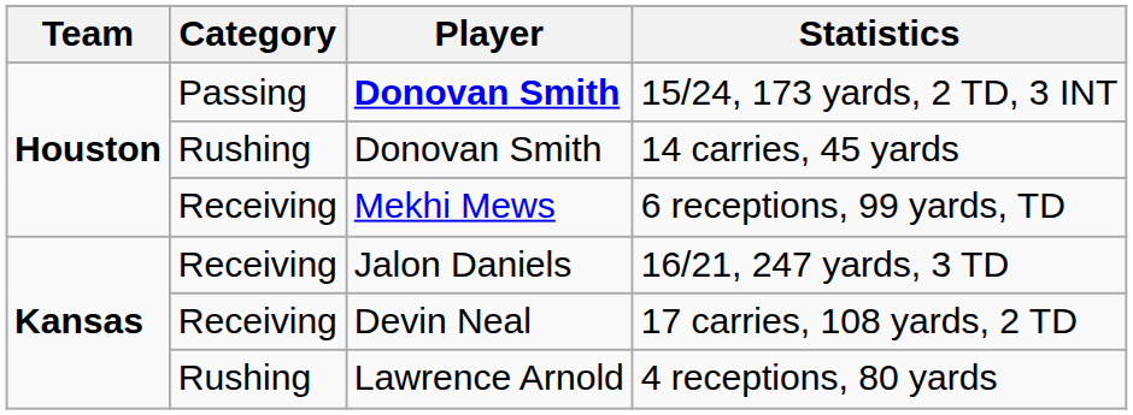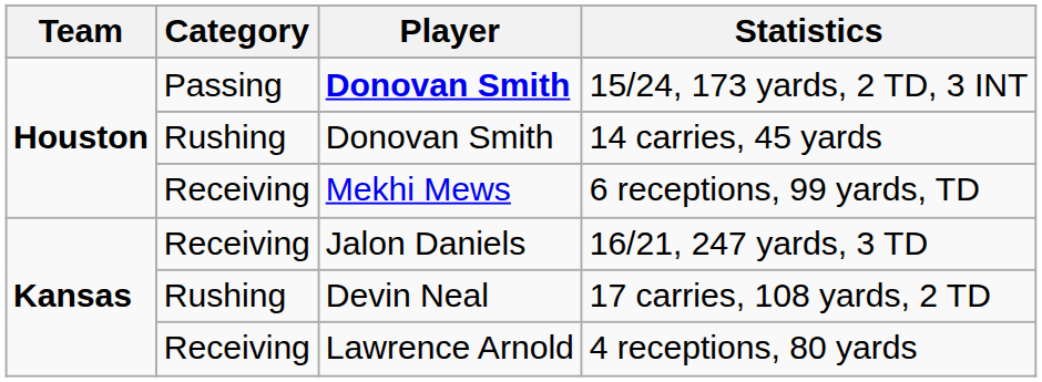 <table class="wikitable" style="float: right;">
 <tr>
 <th>Team</th>
 <th>Category</th>
 <th>Player</th>
 <th>Statistics</th>
 </tr>
 <tr>
 <td rowspan=3><strong>Houston</strong></td>
 <td>Passing</td>
 <td><strong><a href='#'>Donovan Smith</a></strong></td>
 <td>15/24, 173 yards, 2 TD, 3 INT</td>
 </tr>
 <tr>
 <td>Rushing</td>
 <td>Donovan Smith</td>
 <td>14 carries, 45 yards</td>
 </tr>
 <tr>
 <td>Receiving</td>
 <td><a href='#'>Mekhi Mews</a></td>
 <td>6 receptions, 99 yards, TD</td>
 </tr>
 <tr>
 <td rowspan=3><strong>Kansas</strong></td>
 <td>Receiving</td>
 <td>Jalon Daniels</td>
 <td>16/21, 247 yards, 3 TD</td>
 </tr>
 <tr>
-<td>Receiving</td>
+<td>Rushing</td>
 <td>Devin Neal</td>
 <td>17 carries, 108 yards, 2 TD</td>
 </tr>
 <tr>
-<td>Rushing</td>
+<td>Receiving</td>
 <td>Lawrence Arnold</td>
 <td>4 receptions, 80 yards</td>
 </tr>
 </table>
